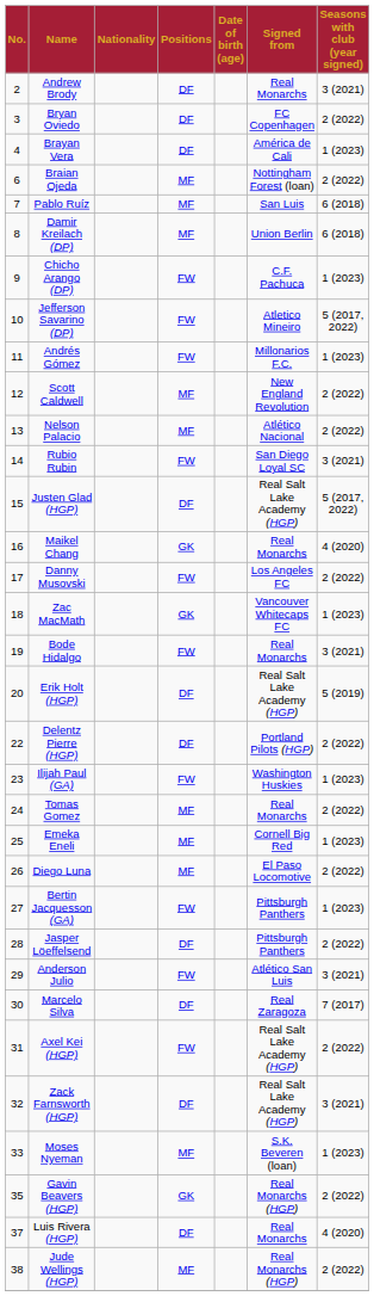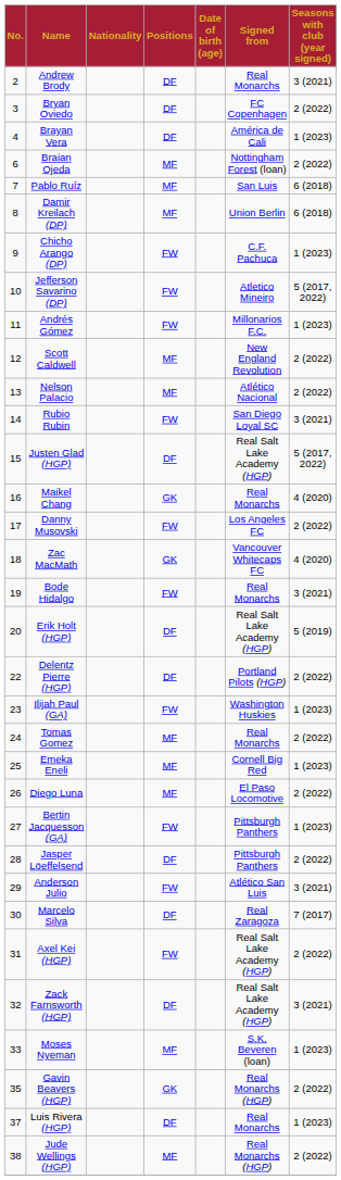 <table class="wikitable sortable" style="text-align:center; font-size:85%; width:70%;">
 <tr>
 <th style="background:#A51E36; color:#DAAC27; text-align:center;">No.</th>
 <th style="background:#A51E36; color:#DAAC27; text-align:center;">Name</th>
 <th style="background:#A51E36; color:#DAAC27; text-align:center;">Nationality</th>
 <th style="background:#A51E36; color:#DAAC27; text-align:center;">Positions</th>
 <th style="background:#A51E36; color:#DAAC27; text-align:center;">Date of birth (age)</th>
 <th style="background:#A51E36; color:#DAAC27; text-align:center;">Signed from</th>
 <th style="background:#A51E36; color:#DAAC27; text-align:center;">Seasons with club (year signed)</th>
 </tr>
 <tr>
 <td style="text-align:center;">2</td>
 <td data-sort-value="Brody"><a href='#'>Andrew Brody</a></td>
 <td></td>
 <td style="text-align:center;"><a href='#'>DF</a></td>
 <td style="text-align:center;"></td>
 <td> <a href='#'>Real Monarchs</a></td>
 <td data-sort-value="2">3 (2021)</td>
 </tr>
 <tr>
 <td style="text-align:center;">3</td>
 <td data-sort-value="Oviedo"><a href='#'>Bryan Oviedo</a></td>
 <td></td>
 <td style="text-align:center;"><a href='#'>DF</a></td>
 <td style="text-align:center;"></td>
 <td> <a href='#'>FC Copenhagen</a></td>
 <td data-sort-value="1">2 (2022)</td>
 </tr>
 <tr>
 <td style="text-align:center;">4</td>
 <td data-sort-value="Vera"><a href='#'>Brayan Vera</a></td>
 <td></td>
 <td style="text-align:center;"><a href='#'>DF</a></td>
 <td style="text-align:center;"></td>
 <td> <a href='#'>América de Cali</a></td>
 <td data-sort-value="1">1 (2023)</td>
 </tr>
 <tr>
 <td style="text-align:center;">6</td>
 <td data-sort-value="Ojeda"><a href='#'>Braian Ojeda</a></td>
 <td></td>
 <td style="text-align:center;"><a href='#'>MF</a></td>
 <td style="text-align:center;"></td>
 <td> <a href='#'>Nottingham Forest</a> (loan)</td>
 <td data-sort-value="1">2 (2022)</td>
 </tr>
 <tr>
 <td style="text-align:center;">7</td>
 <td data-sort-value="Ruíz"><a href='#'>Pablo Ruíz</a></td>
 <td></td>
 <td style="text-align:center;"><a href='#'>MF</a></td>
 <td style="text-align:center;"></td>
 <td> <a href='#'>San Luis</a></td>
 <td data-sort-value="5">6 (2018)</td>
 </tr>
 <tr>
 <td style="text-align:center;">8</td>
 <td data-sort-value="Kreilach"><a href='#'>Damir Kreilach</a> <em><a href='#'>(DP)</a></em></td>
 <td></td>
 <td style="text-align:center;"><a href='#'>MF</a></td>
 <td style="text-align:center;"></td>
 <td> <a href='#'>Union Berlin</a></td>
 <td data-sort-value="5">6 (2018)</td>
 </tr>
 <tr>
 <td style="text-align:center;">9</td>
 <td data-sort-value="Arango"><a href='#'>Chicho Arango</a> <em><a href='#'>(DP)</a></em></td>
 <td></td>
 <td style="text-align:center;"><a href='#'>FW</a></td>
 <td style="text-align:center;"></td>
 <td> <a href='#'>C.F. Pachuca</a></td>
 <td data-sort-value="1">1 (2023)</td>
 </tr>
 <tr>
 <td style="text-align:center;">10</td>
 <td data-sort-value="Savarino"><a href='#'>Jefferson Savarino</a> <em><a href='#'>(DP)</a></em></td>
 <td></td>
 <td style="text-align:center;"><a href='#'>FW</a></td>
 <td style="text-align:center;"></td>
 <td> <a href='#'>Atletico Mineiro</a></td>
 <td data-sort-value="1">5 (2017, 2022)</td>
 </tr>
 <tr>
 <td style="text-align:center;">11</td>
 <td data-sort-value="Gómez"><a href='#'>Andrés Gómez</a></td>
 <td></td>
 <td style="text-align:center;"><a href='#'>FW</a></td>
 <td style="text-align:center;"></td>
 <td> <a href='#'>Millonarios F.C.</a></td>
 <td data-sort-value="1">1 (2023)</td>
 </tr>
 <tr>
 <td style="text-align:center;">12</td>
 <td data-sort-value="Caldwell"><a href='#'>Scott Caldwell</a></td>
 <td></td>
 <td style="text-align:center;"><a href='#'>MF</a></td>
 <td style="text-align:center;"></td>
 <td> <a href='#'>New England Revolution</a></td>
 <td data-sort-value="1">2 (2022)</td>
 </tr>
 <tr>
 <td style="text-align:center;">13</td>
 <td data-sort-value="Palacio"><a href='#'>Nelson Palacio</a></td>
 <td></td>
 <td style="text-align:center;"><a href='#'>MF</a></td>
 <td style="text-align:center;"></td>
 <td> <a href='#'>Atlético Nacional</a></td>
 <td data-sort-value="1">2 (2022)</td>
 </tr>
 <tr>
 <td style="text-align:center;">14</td>
 <td data-sort-value="Rubin"><a href='#'>Rubio Rubin</a></td>
 <td></td>
 <td style="text-align:center;"><a href='#'>FW</a></td>
 <td style="text-align:center;"></td>
 <td> <a href='#'>San Diego Loyal SC</a></td>
 <td data-sort-value="2">3 (2021)</td>
 </tr>
 <tr>
 <td style="text-align:center;">15</td>
 <td data-sort-value="Glad"><a href='#'>Justen Glad</a> <em><a href='#'>(HGP)</a></em></td>
 <td></td>
 <td style="text-align:center;"><a href='#'>DF</a></td>
 <td style="text-align:center;"></td>
 <td> Real Salt Lake Academy <em>(<a href='#'>HGP</a>)</em></td>
 <td data-sort-value="1">5 (2017, 2022)</td>
 </tr>
 <tr>
 <td style="text-align:center;">16</td>
 <td data-sort-value="Chang"><a href='#'>Maikel Chang</a></td>
 <td></td>
 <td style="text-align:center;"><a href='#'>GK</a></td>
 <td style="text-align:center;"></td>
 <td> <a href='#'>Real Monarchs</a></td>
 <td data-sort-value="3">4 (2020)</td>
 </tr>
 <tr>
 <td style="text-align:center;">17</td>
 <td data-sort-value="Musovski"><a href='#'>Danny Musovski</a></td>
 <td></td>
 <td style="text-align:center;"><a href='#'>FW</a></td>
 <td style="text-align:center;"></td>
 <td> <a href='#'>Los Angeles FC</a></td>
 <td data-sort-value="1">2 (2022)</td>
 </tr>
 <tr>
 <td style="text-align:center;">18</td>
 <td data-sort-value="MacMath"><a href='#'>Zac MacMath</a></td>
 <td></td>
 <td style="text-align:center;"><a href='#'>GK</a></td>
 <td style="text-align:center;"></td>
 <td> <a href='#'>Vancouver Whitecaps FC</a></td>
-<td data-sort-value="1">1 (2023)</td>
+<td data-sort-value="3">4 (2020)</td>
 </tr>
 <tr>
 <td style="text-align:center;">19</td>
 <td data-sort-value="Hidalgo"><a href='#'>Bode Hidalgo</a></td>
 <td></td>
 <td style="text-align:center;"><a href='#'>FW</a></td>
 <td style="text-align:center;"></td>
 <td> <a href='#'>Real Monarchs</a></td>
 <td data-sort-value="2">3 (2021)</td>
 </tr>
 <tr>
 <td style="text-align:center;">20</td>
 <td data-sort-value="Holt"><a href='#'>Erik Holt</a> <em><a href='#'>(HGP)</a></em></td>
 <td></td>
 <td style="text-align:center;"><a href='#'>DF</a></td>
 <td style="text-align:center;"></td>
 <td> Real Salt Lake Academy <em>(<a href='#'>HGP</a>)</em></td>
 <td data-sort-value="4">5 (2019)</td>
 </tr>
 <tr>
 <td style="text-align:center;">22</td>
 <td data-sort-value="Pierre"><a href='#'>Delentz Pierre</a> <em><a href='#'>(HGP)</a></em></td>
 <td></td>
 <td style="text-align:center;"><a href='#'>DF</a></td>
 <td style="text-align:center;"></td>
 <td> <a href='#'>Portland Pilots</a> <em>(<a href='#'>HGP</a>)</em></td>
 <td data-sort-value="1">2 (2022)</td>
 </tr>
 <tr>
 <td style="text-align:center;">23</td>
 <td data-sort-value="Paul"><a href='#'>Ilijah Paul</a> <em><a href='#'>(GA)</a></em></td>
 <td></td>
 <td style="text-align:center;"><a href='#'>FW</a></td>
 <td style="text-align:center;"></td>
 <td> <a href='#'>Washington Huskies</a></td>
 <td data-sort-value="1">1 (2023)</td>
 </tr>
 <tr>
 <td style="text-align:center;">24</td>
 <td data-sort-value="Gomez"><a href='#'>Tomas Gomez</a></td>
 <td></td>
 <td style="text-align:center;"><a href='#'>MF</a></td>
 <td style="text-align:center;"></td>
 <td> <a href='#'>Real Monarchs</a></td>
 <td data-sort-value="1">2 (2022)</td>
 </tr>
 <tr>
 <td style="text-align:center;">25</td>
 <td data-sort-value="Eneli"><a href='#'>Emeka Eneli</a></td>
 <td></td>
 <td style="text-align:center;"><a href='#'>MF</a></td>
 <td style="text-align:center;"></td>
 <td> <a href='#'>Cornell Big Red</a></td>
 <td data-sort-value="1">1 (2023)</td>
 </tr>
 <tr>
 <td style="text-align:center;">26</td>
 <td data-sort-value="Luna"><a href='#'>Diego Luna</a></td>
 <td></td>
 <td style="text-align:center;"><a href='#'>MF</a></td>
 <td style="text-align:center;"></td>
 <td> <a href='#'>El Paso Locomotive</a></td>
 <td data-sort-value="1">2 (2022)</td>
 </tr>
 <tr>
 <td style="text-align:center;">27</td>
 <td data-sort-value="Jacquesson"><a href='#'>Bertin Jacquesson</a> <em><a href='#'>(GA)</a></em></td>
 <td></td>
 <td style="text-align:center;"><a href='#'>FW</a></td>
 <td style="text-align:center;"></td>
 <td> <a href='#'>Pittsburgh Panthers</a></td>
 <td data-sort-value="1">1 (2023)</td>
 </tr>
 <tr>
 <td style="text-align:center;">28</td>
 <td data-sort-value="Loeffelsend"><a href='#'>Jasper Löeffelsend</a></td>
 <td></td>
 <td style="text-align:center;"><a href='#'>DF</a></td>
 <td style="text-align:center;"></td>
 <td> <a href='#'>Pittsburgh Panthers</a></td>
 <td data-sort-value="1">2 (2022)</td>
 </tr>
 <tr>
 <td style="text-align:center;">29</td>
 <td data-sort-value="Julio"><a href='#'>Anderson Julio</a></td>
 <td></td>
 <td style="text-align:center;"><a href='#'>FW</a></td>
 <td style="text-align:center;"></td>
 <td> <a href='#'>Atlético San Luis</a></td>
 <td data-sort-value="2">3 (2021)</td>
 </tr>
 <tr>
 <td style="text-align:center;">30</td>
 <td data-sort-value="Silva, M"><a href='#'>Marcelo Silva</a></td>
 <td></td>
 <td style="text-align:center;"><a href='#'>DF</a></td>
 <td style="text-align:center;"></td>
 <td> <a href='#'>Real Zaragoza</a></td>
 <td data-sort-value="6">7 (2017)</td>
 </tr>
 <tr>
 <td style="text-align:center;">31</td>
 <td data-sort-value="Kei"><a href='#'>Axel Kei</a> <em><a href='#'>(HGP)</a></em></td>
 <td></td>
 <td style="text-align:center;"><a href='#'>FW</a></td>
 <td style="text-align:center;"></td>
 <td> Real Salt Lake Academy <em>(<a href='#'>HGP</a>)</em></td>
 <td data-sort-value="1">2 (2022)</td>
 </tr>
 <tr>
 <td style="text-align:center;">32</td>
 <td data-sort-value="Farnsworth"><a href='#'>Zack Farnsworth</a> <em><a href='#'>(HGP)</a></em></td>
 <td></td>
 <td style="text-align:center;"><a href='#'>DF</a></td>
 <td style="text-align:center;"></td>
 <td> Real Salt Lake Academy <em>(<a href='#'>HGP</a>)</em></td>
 <td data-sort-value="2">3 (2021)</td>
 </tr>
 <tr>
 <td style="text-align:center;">33</td>
 <td data-sort-value="Nyeman"><a href='#'>Moses Nyeman</a></td>
 <td></td>
 <td style="text-align:center;"><a href='#'>MF</a></td>
 <td style="text-align:center;"></td>
 <td> <a href='#'>S.K. Beveren</a> (loan)</td>
 <td data-sort-value="1">1 (2023)</td>
 </tr>
 <tr>
 <td style="text-align:center;">35</td>
 <td data-sort-value="Beavers"><a href='#'>Gavin Beavers</a> <em><a href='#'>(HGP)</a></em></td>
 <td></td>
 <td style="text-align:center;"><a href='#'>GK</a></td>
 <td style="text-align:center;"></td>
 <td> <a href='#'>Real Monarchs</a> <em>(<a href='#'>HGP</a>)</em></td>
 <td data-sort-value="1">2 (2022)</td>
 </tr>
 <tr>
 <td style="text-align:center;">37</td>
 <td data-sort-value="Rivera">Luis Rivera <em><a href='#'>(HGP)</a></em></td>
 <td></td>
 <td style="text-align:center;"><a href='#'>DF</a></td>
 <td style="text-align:center;"></td>
 <td> <a href='#'>Real Monarchs</a></td>
-<td data-sort-value="3">4 (2020)</td>
+<td data-sort-value="1">1 (2023)</td>
 </tr>
 <tr>
 <td style="text-align:center;">38</td>
 <td data-sort-value="Wellings"><a href='#'>Jude Wellings</a> <em><a href='#'>(HGP)</a></em></td>
 <td></td>
 <td style="text-align:center;"><a href='#'>MF</a></td>
 <td style="text-align:center;"></td>
 <td> <a href='#'>Real Monarchs</a> <em>(<a href='#'>HGP</a>)</em></td>
 <td data-sort-value="1">2 (2022)</td>
 </tr>
 <tr>
 </tr>
 </table>
